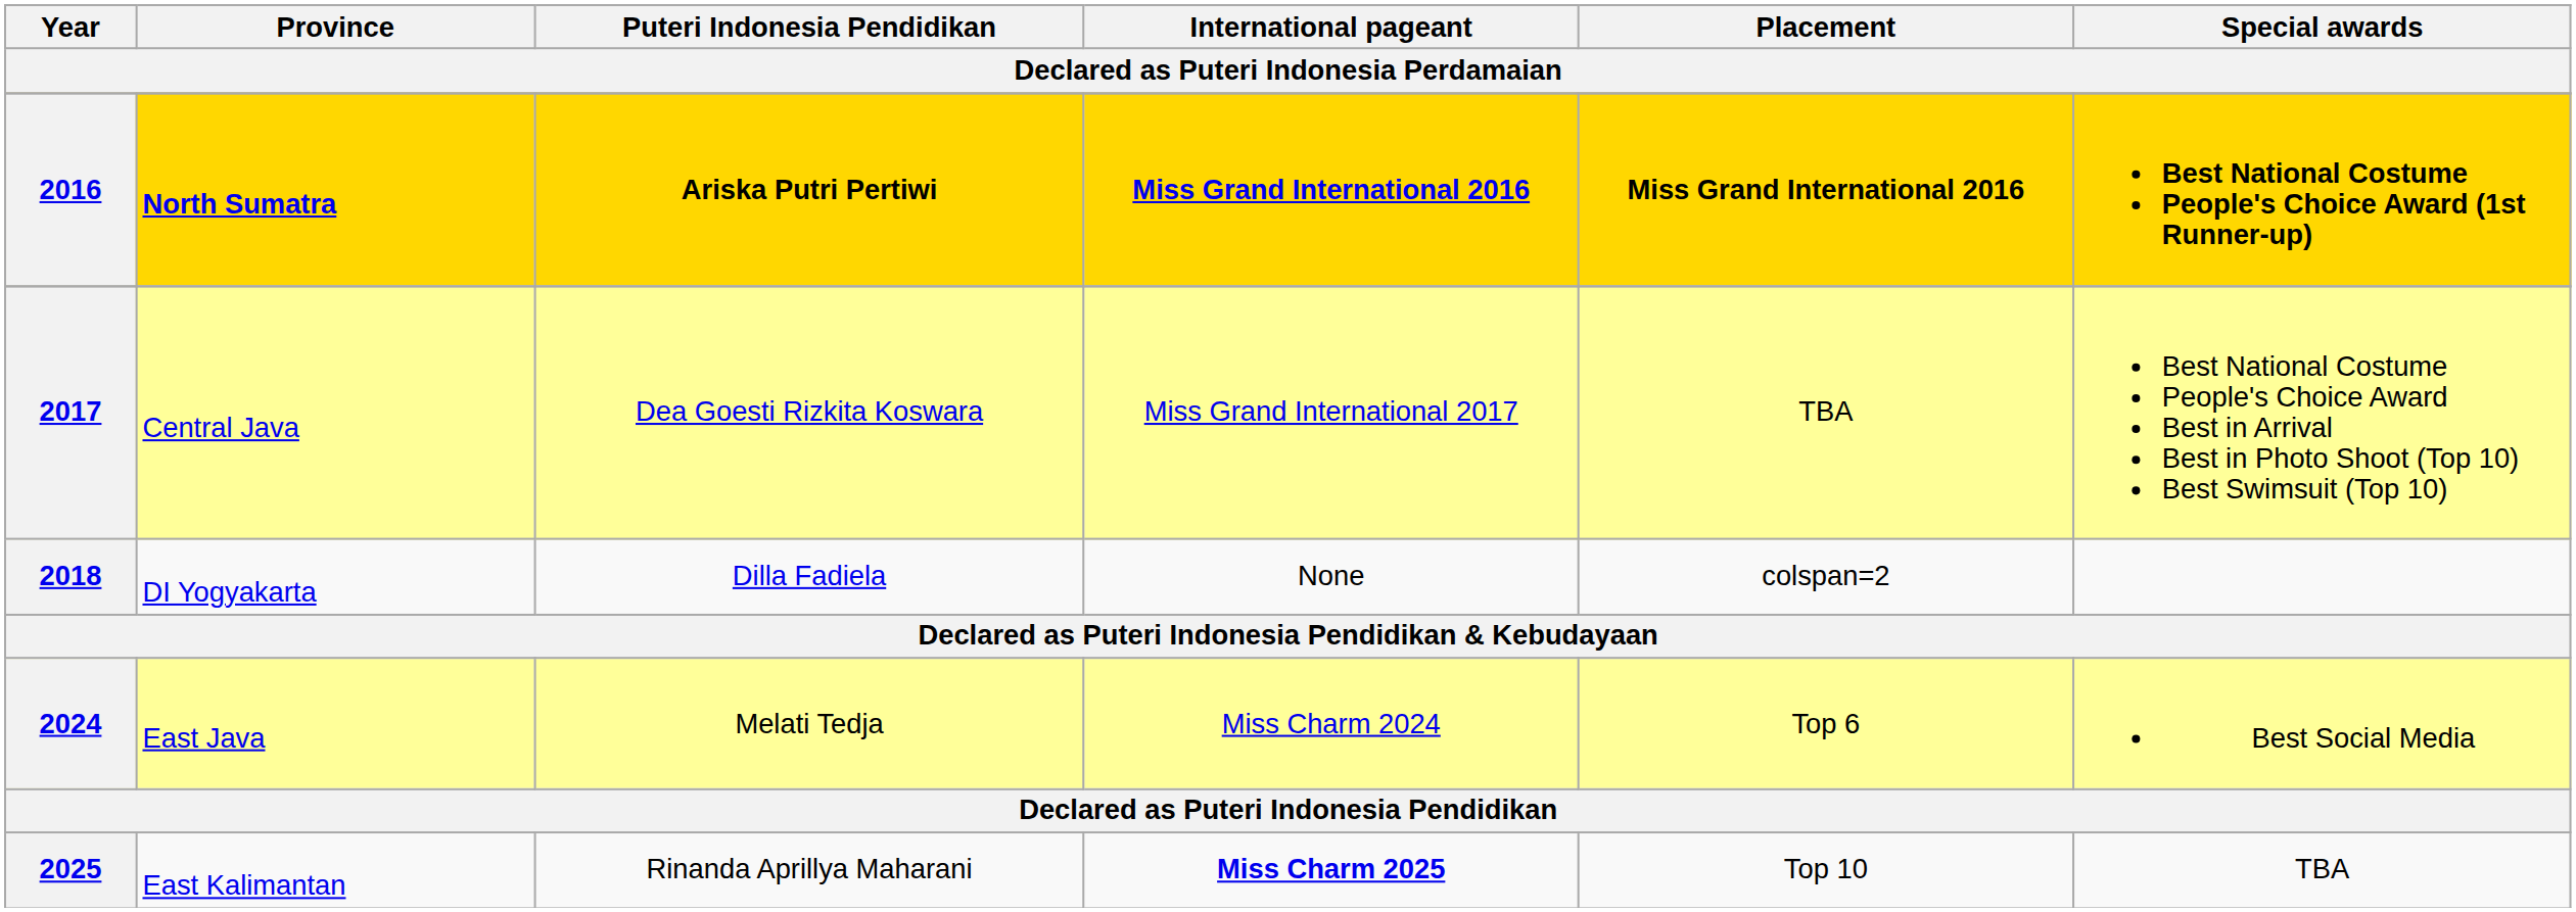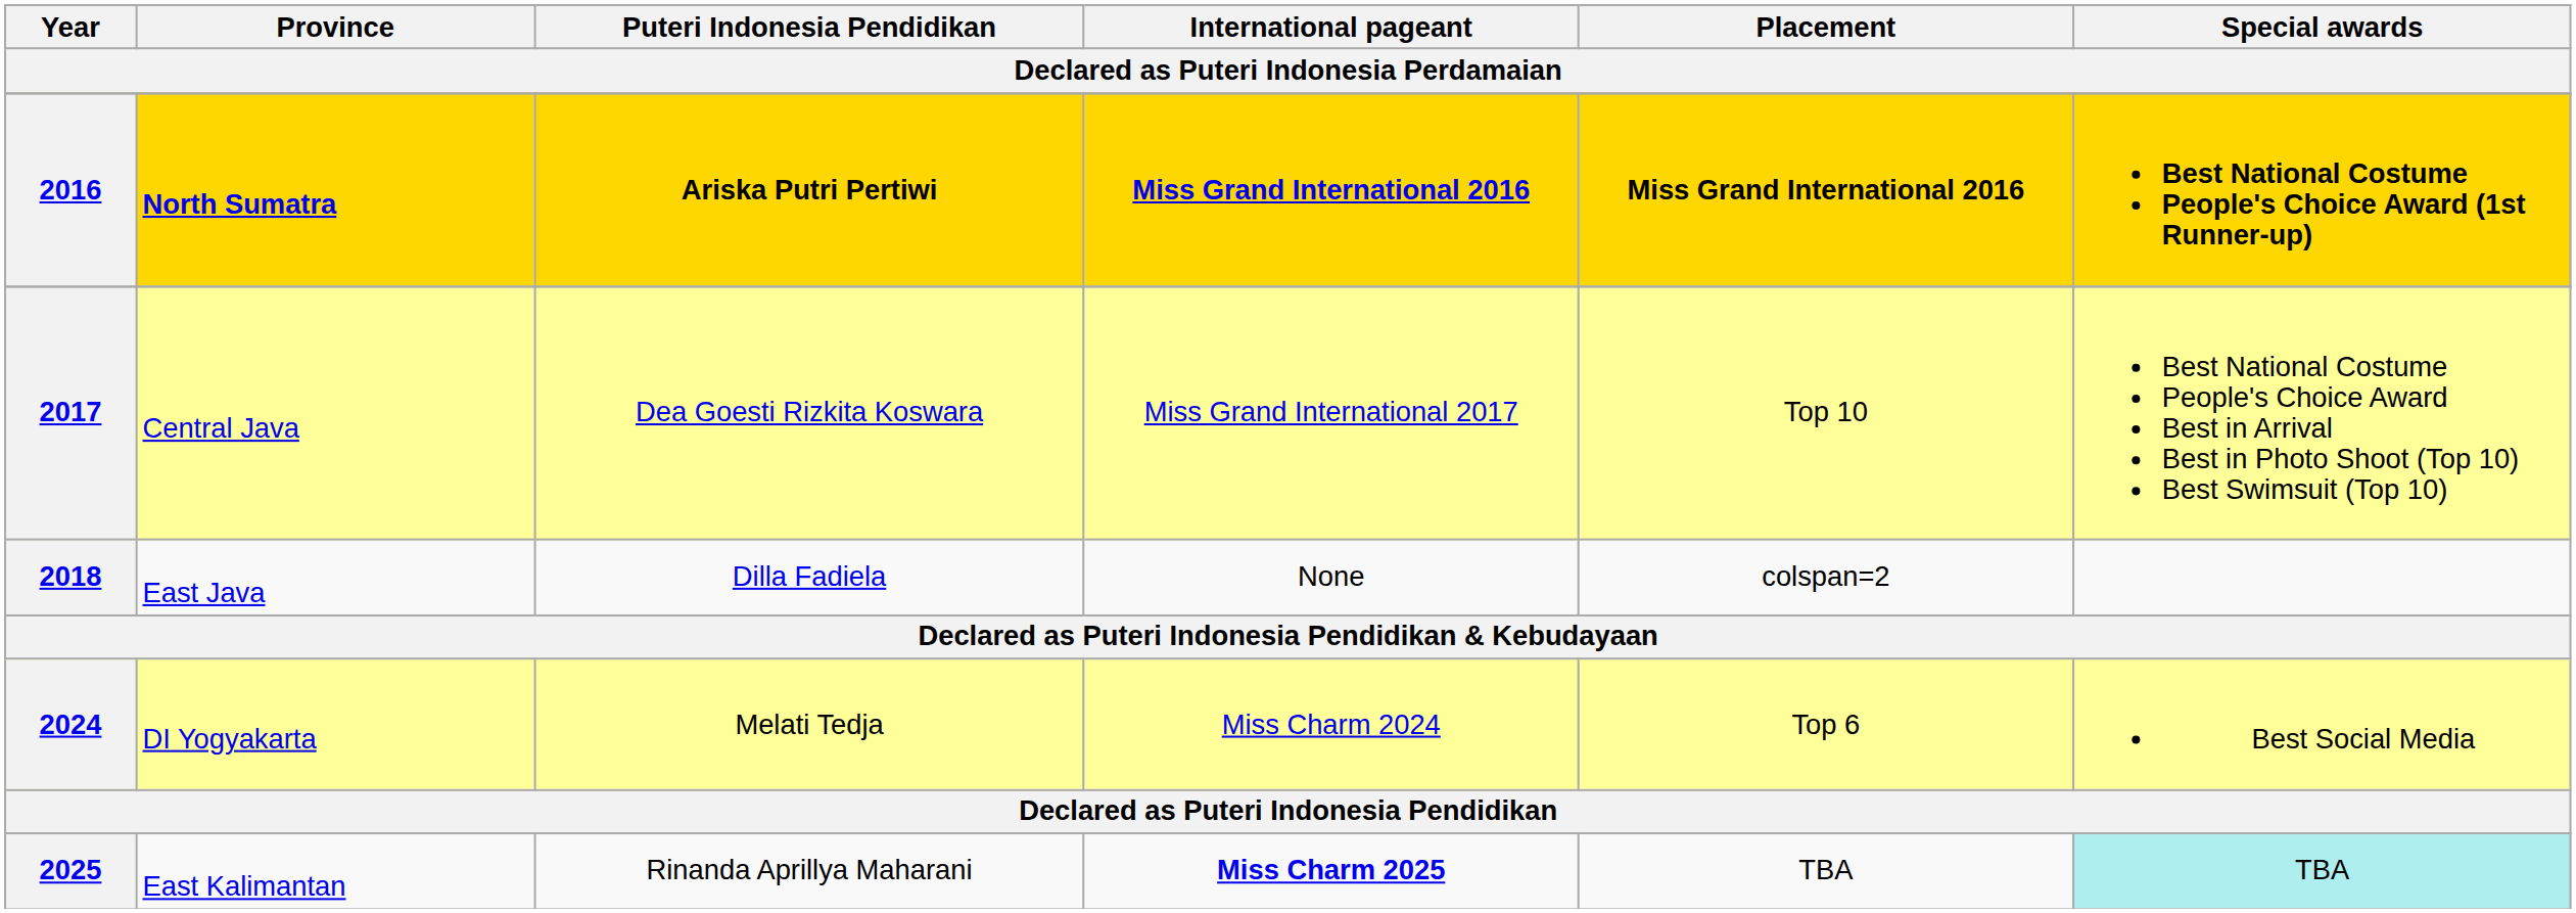 <table class="wikitable" style="font-size: 85%; text-align:center">
 <tr colspan=10 align="center">
 <th width="60">Year</th>
 <th width="200">Province</th>
 <th width="280">Puteri Indonesia Pendidikan</th>
 <th width="250">International pageant</th>
 <th width="250">Placement</th>
 <th width="250">Special awards</th>
 </tr>
 <tr>
 <th colspan="7">Declared as Puteri Indonesia Perdamaian</th>
 </tr>
 <tr>
 </tr>
 <tr style="background-color:gold; font-weight: bold ">
 <th><a href='#'>2016</a></th>
 <td align="left"><br><a href='#'>North Sumatra</a></td>
 <td>Ariska Putri Pertiwi</td>
 <td><a href='#'>Miss Grand International 2016</a></td>
 <td><strong>Miss Grand International 2016</strong></td>
 <td align="left"><br><ul><li>Best National Costume</li><li>People's Choice Award (1st Runner-up)</li></ul></td>
 </tr>
 <tr>
 </tr>
 <tr style="background-color:#FFFF99; ">
 <th><a href='#'>2017</a></th>
 <td align="left"><br><a href='#'>Central Java</a></td>
 <td><a href='#'>Dea Goesti Rizkita Koswara</a></td>
 <td><a href='#'>Miss Grand International 2017</a></td>
-<td>TBA</td>
+<td>Top 10</td>
 <td align="left"><br><ul><li>Best National Costume</li><li>People's Choice Award</li><li>Best in Arrival</li><li>Best in Photo Shoot (Top 10)</li><li>Best Swimsuit (Top 10)</li></ul></td>
 </tr>
 <tr>
 <th><a href='#'>2018</a></th>
-<td align="left"><br><a href='#'>DI Yogyakarta</a></td>
+<td align="left"><br><a href='#'>East Java</a></td>
 <td><a href='#'>Dilla Fadiela</a></td>
 <td>None</td>
 <td>colspan=2 </td>
 </tr>
 <tr>
 <th colspan="7">Declared as Puteri Indonesia Pendidikan & Kebudayaan</th>
 </tr>
 <tr style="background-color:#FFFF99; ">
 <th><a href='#'>2024</a></th>
-<td align="left"><br><a href='#'>East Java</a></td>
+<td align="left"><br><a href='#'>DI Yogyakarta</a></td>
 <td>Melati Tedja</td>
 <td><a href='#'>Miss Charm 2024</a></td>
 <td>Top 6</td>
 <td><br><ul><li>Best Social Media</li></ul></td>
 </tr>
 <tr>
 <th colspan="7">Declared as Puteri Indonesia Pendidikan</th>
 </tr>
 <tr>
 <th><a href='#'>2025</a></th>
 <td align="left"><br><a href='#'>East Kalimantan</a></td>
 <td>Rinanda Aprillya Maharani</td>
 <td><strong><a href='#'>Miss Charm 2025</a></strong></td>
-<td>Top 10</td>
 <td>TBA</td>
+<td style="background: paleturquoise;">TBA</td>
 </tr>
 </table>
